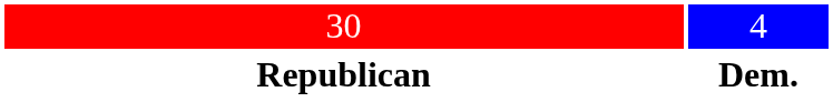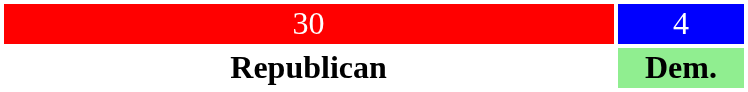 <table style="width:60%; text-align:center;">
 <tr>
 <td style="background:red; color:white; width:30%;">30</td>
 <td style="background:blue; color:white; width:4%;">4</td>
 </tr>
 <tr>
 <td><span><strong>Republican</strong></span></td>
-<td><span><strong>Dem.</strong></span></td>
+<td style="background: lightgreen;"><span><strong>Dem.</strong></span></td>
 </tr>
 </table>
